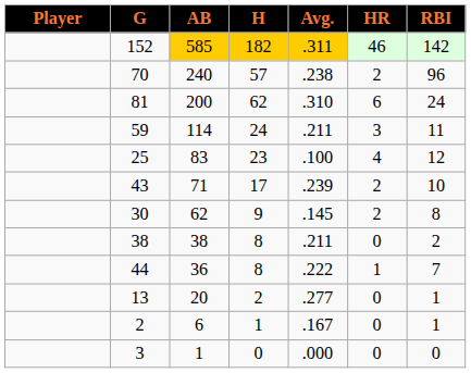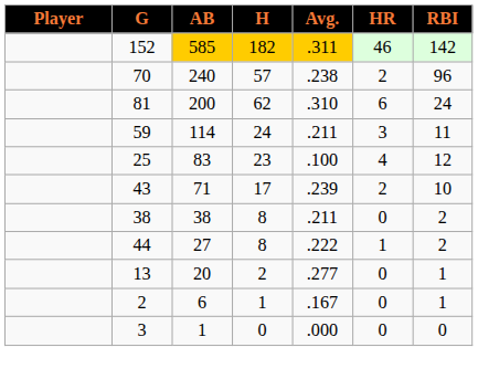 <table class="wikitable sortable">
 <tr>
 <th style="background:black;color:#f47937;" width="16%">Player</th>
 <th style="background:black;color:#f47937;" width="9%">G</th>
 <th style="background:black;color:#f47937;" width="9%">AB</th>
 <th style="background:black;color:#f47937;" width="9%">H</th>
 <th style="background:black;color:#f47937;" width="9%">Avg.</th>
 <th style="background:black;color:#f47937;" width="9%">HR</th>
 <th style="background:black;color:#f47937;" width="9%">RBI</th>
 </tr>
 <tr align="center">
 <td></td>
 <td>152</td>
 <td style="background:#fc0;">585</td>
 <td style="background:#fc0;">182</td>
 <td style="background:#fc0;">.311</td>
 <td style="background:#DDFFDD;">46</td>
 <td style="background:#DDFFDD;">142</td>
 </tr>
 <tr align="center">
 <td></td>
 <td>70</td>
 <td>240</td>
 <td>57</td>
 <td>.238</td>
 <td>2</td>
 <td>96</td>
 </tr>
 <tr align="center">
 <td></td>
 <td>81</td>
 <td>200</td>
 <td>62</td>
 <td>.310</td>
 <td>6</td>
 <td>24</td>
 </tr>
 <tr align="center">
 <td></td>
 <td>59</td>
 <td>114</td>
 <td>24</td>
 <td>.211</td>
 <td>3</td>
 <td>11</td>
 </tr>
 <tr align="center">
 <td></td>
 <td>25</td>
 <td>83</td>
 <td>23</td>
 <td>.100</td>
 <td>4</td>
 <td>12</td>
 </tr>
 <tr align="center">
 <td></td>
 <td>43</td>
 <td>71</td>
 <td>17</td>
 <td>.239</td>
 <td>2</td>
 <td>10</td>
 </tr>
 <tr align="center">
 <td></td>
-<td>30</td>
-<td>62</td>
-<td>9</td>
-<td>.145</td>
-<td>2</td>
-<td>8</td>
-</tr>
-<tr align="center">
-<td></td>
 <td>38</td>
 <td>38</td>
 <td>8</td>
 <td>.211</td>
 <td>0</td>
 <td>2</td>
 </tr>
 <tr align="center">
 <td></td>
 <td>44</td>
-<td>36</td>
+<td>27</td>
 <td>8</td>
 <td>.222</td>
 <td>1</td>
-<td>7</td>
+<td>2</td>
 </tr>
 <tr align="center">
 <td></td>
 <td>13</td>
 <td>20</td>
 <td>2</td>
 <td>.277</td>
 <td>0</td>
 <td>1</td>
 </tr>
 <tr align="center">
 <td></td>
 <td>2</td>
 <td>6</td>
 <td>1</td>
 <td>.167</td>
 <td>0</td>
 <td>1</td>
 </tr>
 <tr align="center">
 <td></td>
 <td>3</td>
 <td>1</td>
 <td>0</td>
 <td>.000</td>
 <td>0</td>
 <td>0</td>
 </tr>
 </table>
